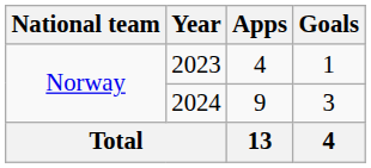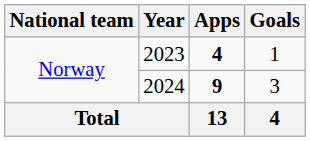 <table class=wikitable style=text-align:center>
 <tr>
 <th>National team</th>
 <th>Year</th>
 <th>Apps</th>
 <th>Goals</th>
 </tr>
 <tr>
 <td rowspan="2"><a href='#'>Norway</a></td>
 <td>2023</td>
-<td>4</td>
+<td><strong>4</strong></td>
 <td>1</td>
 </tr>
 <tr>
 <td>2024</td>
-<td>9</td>
+<td><strong>9</strong></td>
 <td>3</td>
 </tr>
 <tr>
 <th colspan="2">Total</th>
 <th>13</th>
 <th>4</th>
 </tr>
 </table>
